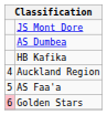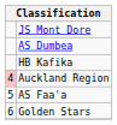 <table class="wikitable" font-size: 90%;>
 <tr>
 <th colspan=2>Classification</th>
 </tr>
 <tr valign="top">
 <td></td>
 <td> <a href='#'>JS Mont Dore</a></td>
 </tr>
 <tr>
 <td></td>
 <td> <a href='#'>AS Dumbea</a></td>
 </tr>
 <tr>
 <td></td>
 <td> HB Kafika</td>
 </tr>
 <tr>
-<td>4</td>
+<td style="background: pink;">4</td>
 <td> Auckland Region</td>
 </tr>
 <tr>
 <td>5</td>
 <td> AS Faa'a</td>
 </tr>
 <tr>
-<td style="background: pink;">6</td>
+<td>6</td>
 <td> Golden Stars</td>
 </tr>
 <tr>
 </tr>
 </table>
